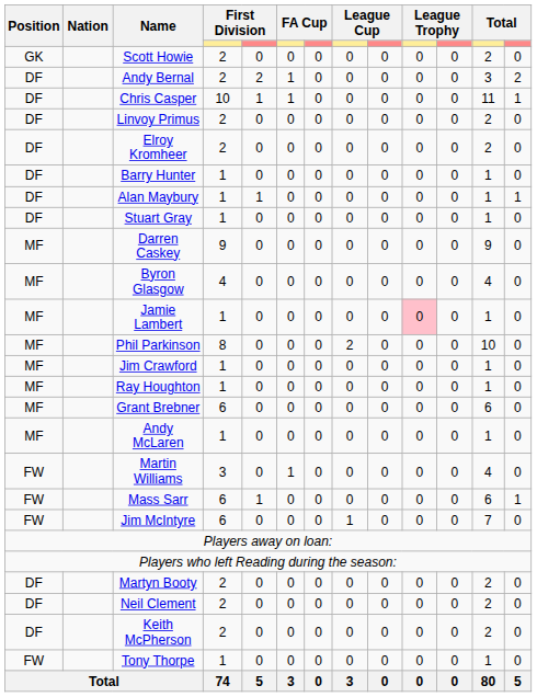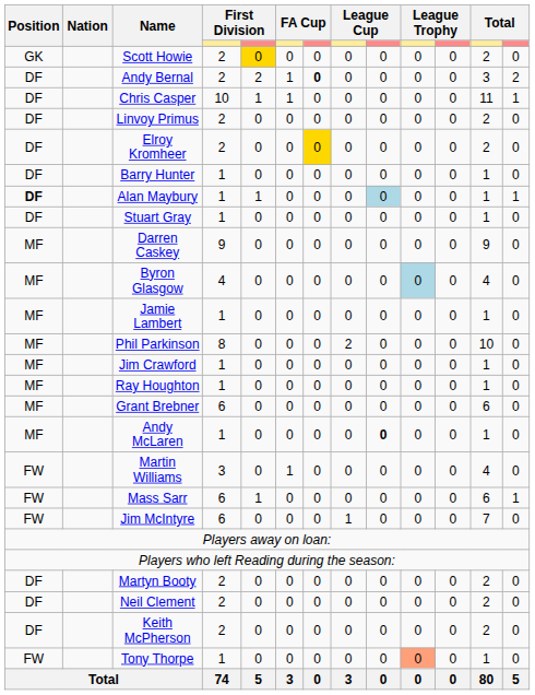 <table class="wikitable" style="font-size: 95%; text-align: center;">
 <tr>
 <th rowspan=2 width=60>Position</th>
 <th rowspan=2 width=60>Nation</th>
 <th rowspan=2 width=150>Name</th>
 <th colspan=2>First Division</th>
 <th colspan=2>FA Cup</th>
 <th colspan=2>League Cup</th>
 <th colspan=2>League Trophy</th>
 <th colspan=2>Total</th>
 </tr>
 <tr>
 <th style="width:60px; background:#fe9;"></th>
 <th style="width:60px; background:#ff8888;"></th>
 <th style="width:60px; background:#fe9;"></th>
 <th style="width:60px; background:#ff8888;"></th>
 <th style="width:60px; background:#fe9;"></th>
 <th style="width:60px; background:#ff8888;"></th>
 <th style="width:60px; background:#fe9;"></th>
 <th style="width:60px; background:#ff8888;"></th>
 <th style="width:60px; background:#fe9;"></th>
 <th style="width:60px; background:#ff8888;"></th>
 </tr>
 <tr>
 <td>GK</td>
 <td></td>
 <td><a href='#'>Scott Howie</a></td>
 <td>2</td>
-<td>0</td>
+<td style="background: gold;">0</td>
 <td>0</td>
 <td>0</td>
 <td>0</td>
 <td>0</td>
 <td>0</td>
 <td>0</td>
 <td>2</td>
 <td>0</td>
 </tr>
 <tr>
 <td>DF</td>
 <td></td>
 <td><a href='#'>Andy Bernal</a></td>
 <td>2</td>
 <td>2</td>
 <td>1</td>
-<td>0</td>
+<td><strong>0</strong></td>
 <td>0</td>
 <td>0</td>
 <td>0</td>
 <td>0</td>
 <td>3</td>
 <td>2</td>
 </tr>
 <tr>
 <td>DF</td>
 <td></td>
 <td><a href='#'>Chris Casper</a></td>
 <td>10</td>
 <td>1</td>
 <td>1</td>
 <td>0</td>
 <td>0</td>
 <td>0</td>
 <td>0</td>
 <td>0</td>
 <td>11</td>
 <td>1</td>
 </tr>
 <tr>
 <td>DF</td>
 <td></td>
 <td><a href='#'>Linvoy Primus</a></td>
 <td>2</td>
 <td>0</td>
 <td>0</td>
 <td>0</td>
 <td>0</td>
 <td>0</td>
 <td>0</td>
 <td>0</td>
 <td>2</td>
 <td>0</td>
 </tr>
 <tr>
 <td>DF</td>
 <td></td>
 <td><a href='#'>Elroy Kromheer</a></td>
 <td>2</td>
 <td>0</td>
 <td>0</td>
-<td>0</td>
+<td style="background: gold;">0</td>
 <td>0</td>
 <td>0</td>
 <td>0</td>
 <td>0</td>
 <td>2</td>
 <td>0</td>
 </tr>
 <tr>
 <td>DF</td>
 <td></td>
 <td><a href='#'>Barry Hunter</a></td>
 <td>1</td>
 <td>0</td>
 <td>0</td>
 <td>0</td>
 <td>0</td>
 <td>0</td>
 <td>0</td>
 <td>0</td>
 <td>1</td>
 <td>0</td>
 </tr>
 <tr>
-<td>DF</td>
+<td><strong>DF</strong></td>
 <td></td>
 <td><a href='#'>Alan Maybury</a></td>
 <td>1</td>
 <td>1</td>
 <td>0</td>
 <td>0</td>
 <td>0</td>
-<td>0</td>
+<td style="background: lightblue;">0</td>
 <td>0</td>
 <td>0</td>
 <td>1</td>
 <td>1</td>
 </tr>
 <tr>
 <td>DF</td>
 <td></td>
 <td><a href='#'>Stuart Gray</a></td>
 <td>1</td>
 <td>0</td>
 <td>0</td>
 <td>0</td>
 <td>0</td>
 <td>0</td>
 <td>0</td>
 <td>0</td>
 <td>1</td>
 <td>0</td>
 </tr>
 <tr>
 <td>MF</td>
 <td></td>
 <td><a href='#'>Darren Caskey</a></td>
 <td>9</td>
 <td>0</td>
 <td>0</td>
 <td>0</td>
 <td>0</td>
 <td>0</td>
 <td>0</td>
 <td>0</td>
 <td>9</td>
 <td>0</td>
 </tr>
 <tr>
 <td>MF</td>
 <td></td>
 <td><a href='#'>Byron Glasgow</a></td>
 <td>4</td>
 <td>0</td>
 <td>0</td>
 <td>0</td>
 <td>0</td>
 <td>0</td>
-<td>0</td>
+<td style="background: lightblue;">0</td>
 <td>0</td>
 <td>4</td>
 <td>0</td>
 </tr>
 <tr>
 <td>MF</td>
 <td></td>
 <td><a href='#'>Jamie Lambert</a></td>
 <td>1</td>
 <td>0</td>
 <td>0</td>
 <td>0</td>
 <td>0</td>
 <td>0</td>
-<td style="background: pink;">0</td>
+<td>0</td>
 <td>0</td>
 <td>1</td>
 <td>0</td>
 </tr>
 <tr>
 <td>MF</td>
 <td></td>
 <td><a href='#'>Phil Parkinson</a></td>
 <td>8</td>
 <td>0</td>
 <td>0</td>
 <td>0</td>
 <td>2</td>
 <td>0</td>
 <td>0</td>
 <td>0</td>
 <td>10</td>
 <td>0</td>
 </tr>
 <tr>
 <td>MF</td>
 <td></td>
 <td><a href='#'>Jim Crawford</a></td>
 <td>1</td>
 <td>0</td>
 <td>0</td>
 <td>0</td>
 <td>0</td>
 <td>0</td>
 <td>0</td>
 <td>0</td>
 <td>1</td>
 <td>0</td>
 </tr>
 <tr>
 <td>MF</td>
 <td></td>
 <td><a href='#'>Ray Houghton</a></td>
 <td>1</td>
 <td>0</td>
 <td>0</td>
 <td>0</td>
 <td>0</td>
 <td>0</td>
 <td>0</td>
 <td>0</td>
 <td>1</td>
 <td>0</td>
 </tr>
 <tr>
 <td>MF</td>
 <td></td>
 <td><a href='#'>Grant Brebner</a></td>
 <td>6</td>
 <td>0</td>
 <td>0</td>
 <td>0</td>
 <td>0</td>
 <td>0</td>
 <td>0</td>
 <td>0</td>
 <td>6</td>
 <td>0</td>
 </tr>
 <tr>
 <td>MF</td>
 <td></td>
 <td><a href='#'>Andy McLaren</a></td>
 <td>1</td>
 <td>0</td>
 <td>0</td>
 <td>0</td>
 <td>0</td>
-<td>0</td>
+<td><strong>0</strong></td>
 <td>0</td>
 <td>0</td>
 <td>1</td>
 <td>0</td>
 </tr>
 <tr>
 <td>FW</td>
 <td></td>
 <td><a href='#'>Martin Williams</a></td>
 <td>3</td>
 <td>0</td>
 <td>1</td>
 <td>0</td>
 <td>0</td>
 <td>0</td>
 <td>0</td>
 <td>0</td>
 <td>4</td>
 <td>0</td>
 </tr>
 <tr>
 <td>FW</td>
 <td></td>
 <td><a href='#'>Mass Sarr</a></td>
 <td>6</td>
 <td>1</td>
 <td>0</td>
 <td>0</td>
 <td>0</td>
 <td>0</td>
 <td>0</td>
 <td>0</td>
 <td>6</td>
 <td>1</td>
 </tr>
 <tr>
 <td>FW</td>
 <td></td>
 <td><a href='#'>Jim McIntyre</a></td>
 <td>6</td>
 <td>0</td>
 <td>0</td>
 <td>0</td>
 <td>1</td>
 <td>0</td>
 <td>0</td>
 <td>0</td>
 <td>7</td>
 <td>0</td>
 </tr>
 <tr>
 <td colspan="13"><em>Players away on loan:</em></td>
 </tr>
 <tr>
 <td colspan="13"><em>Players who left Reading during the season:</em></td>
 </tr>
 <tr>
 <td>DF</td>
 <td></td>
 <td><a href='#'>Martyn Booty</a></td>
 <td>2</td>
 <td>0</td>
 <td>0</td>
 <td>0</td>
 <td>0</td>
 <td>0</td>
 <td>0</td>
 <td>0</td>
 <td>2</td>
 <td>0</td>
 </tr>
 <tr>
 <td>DF</td>
 <td></td>
 <td><a href='#'>Neil Clement</a></td>
 <td>2</td>
 <td>0</td>
 <td>0</td>
 <td>0</td>
 <td>0</td>
 <td>0</td>
 <td>0</td>
 <td>0</td>
 <td>2</td>
 <td>0</td>
 </tr>
 <tr>
 <td>DF</td>
 <td></td>
 <td><a href='#'>Keith McPherson</a></td>
 <td>2</td>
 <td>0</td>
 <td>0</td>
 <td>0</td>
 <td>0</td>
 <td>0</td>
 <td>0</td>
 <td>0</td>
 <td>2</td>
 <td>0</td>
 </tr>
 <tr>
 <td>FW</td>
 <td></td>
 <td><a href='#'>Tony Thorpe</a></td>
 <td>1</td>
 <td>0</td>
 <td>0</td>
 <td>0</td>
 <td>0</td>
 <td>0</td>
-<td>0</td>
+<td style="background: lightsalmon;">0</td>
 <td>0</td>
 <td>1</td>
 <td>0</td>
 </tr>
 <tr>
 <th colspan=3>Total</th>
 <th>74</th>
 <th>5</th>
 <th>3</th>
 <th>0</th>
 <th>3</th>
 <th>0</th>
 <th>0</th>
 <th>0</th>
 <th>80</th>
 <th>5</th>
 </tr>
 </table>
